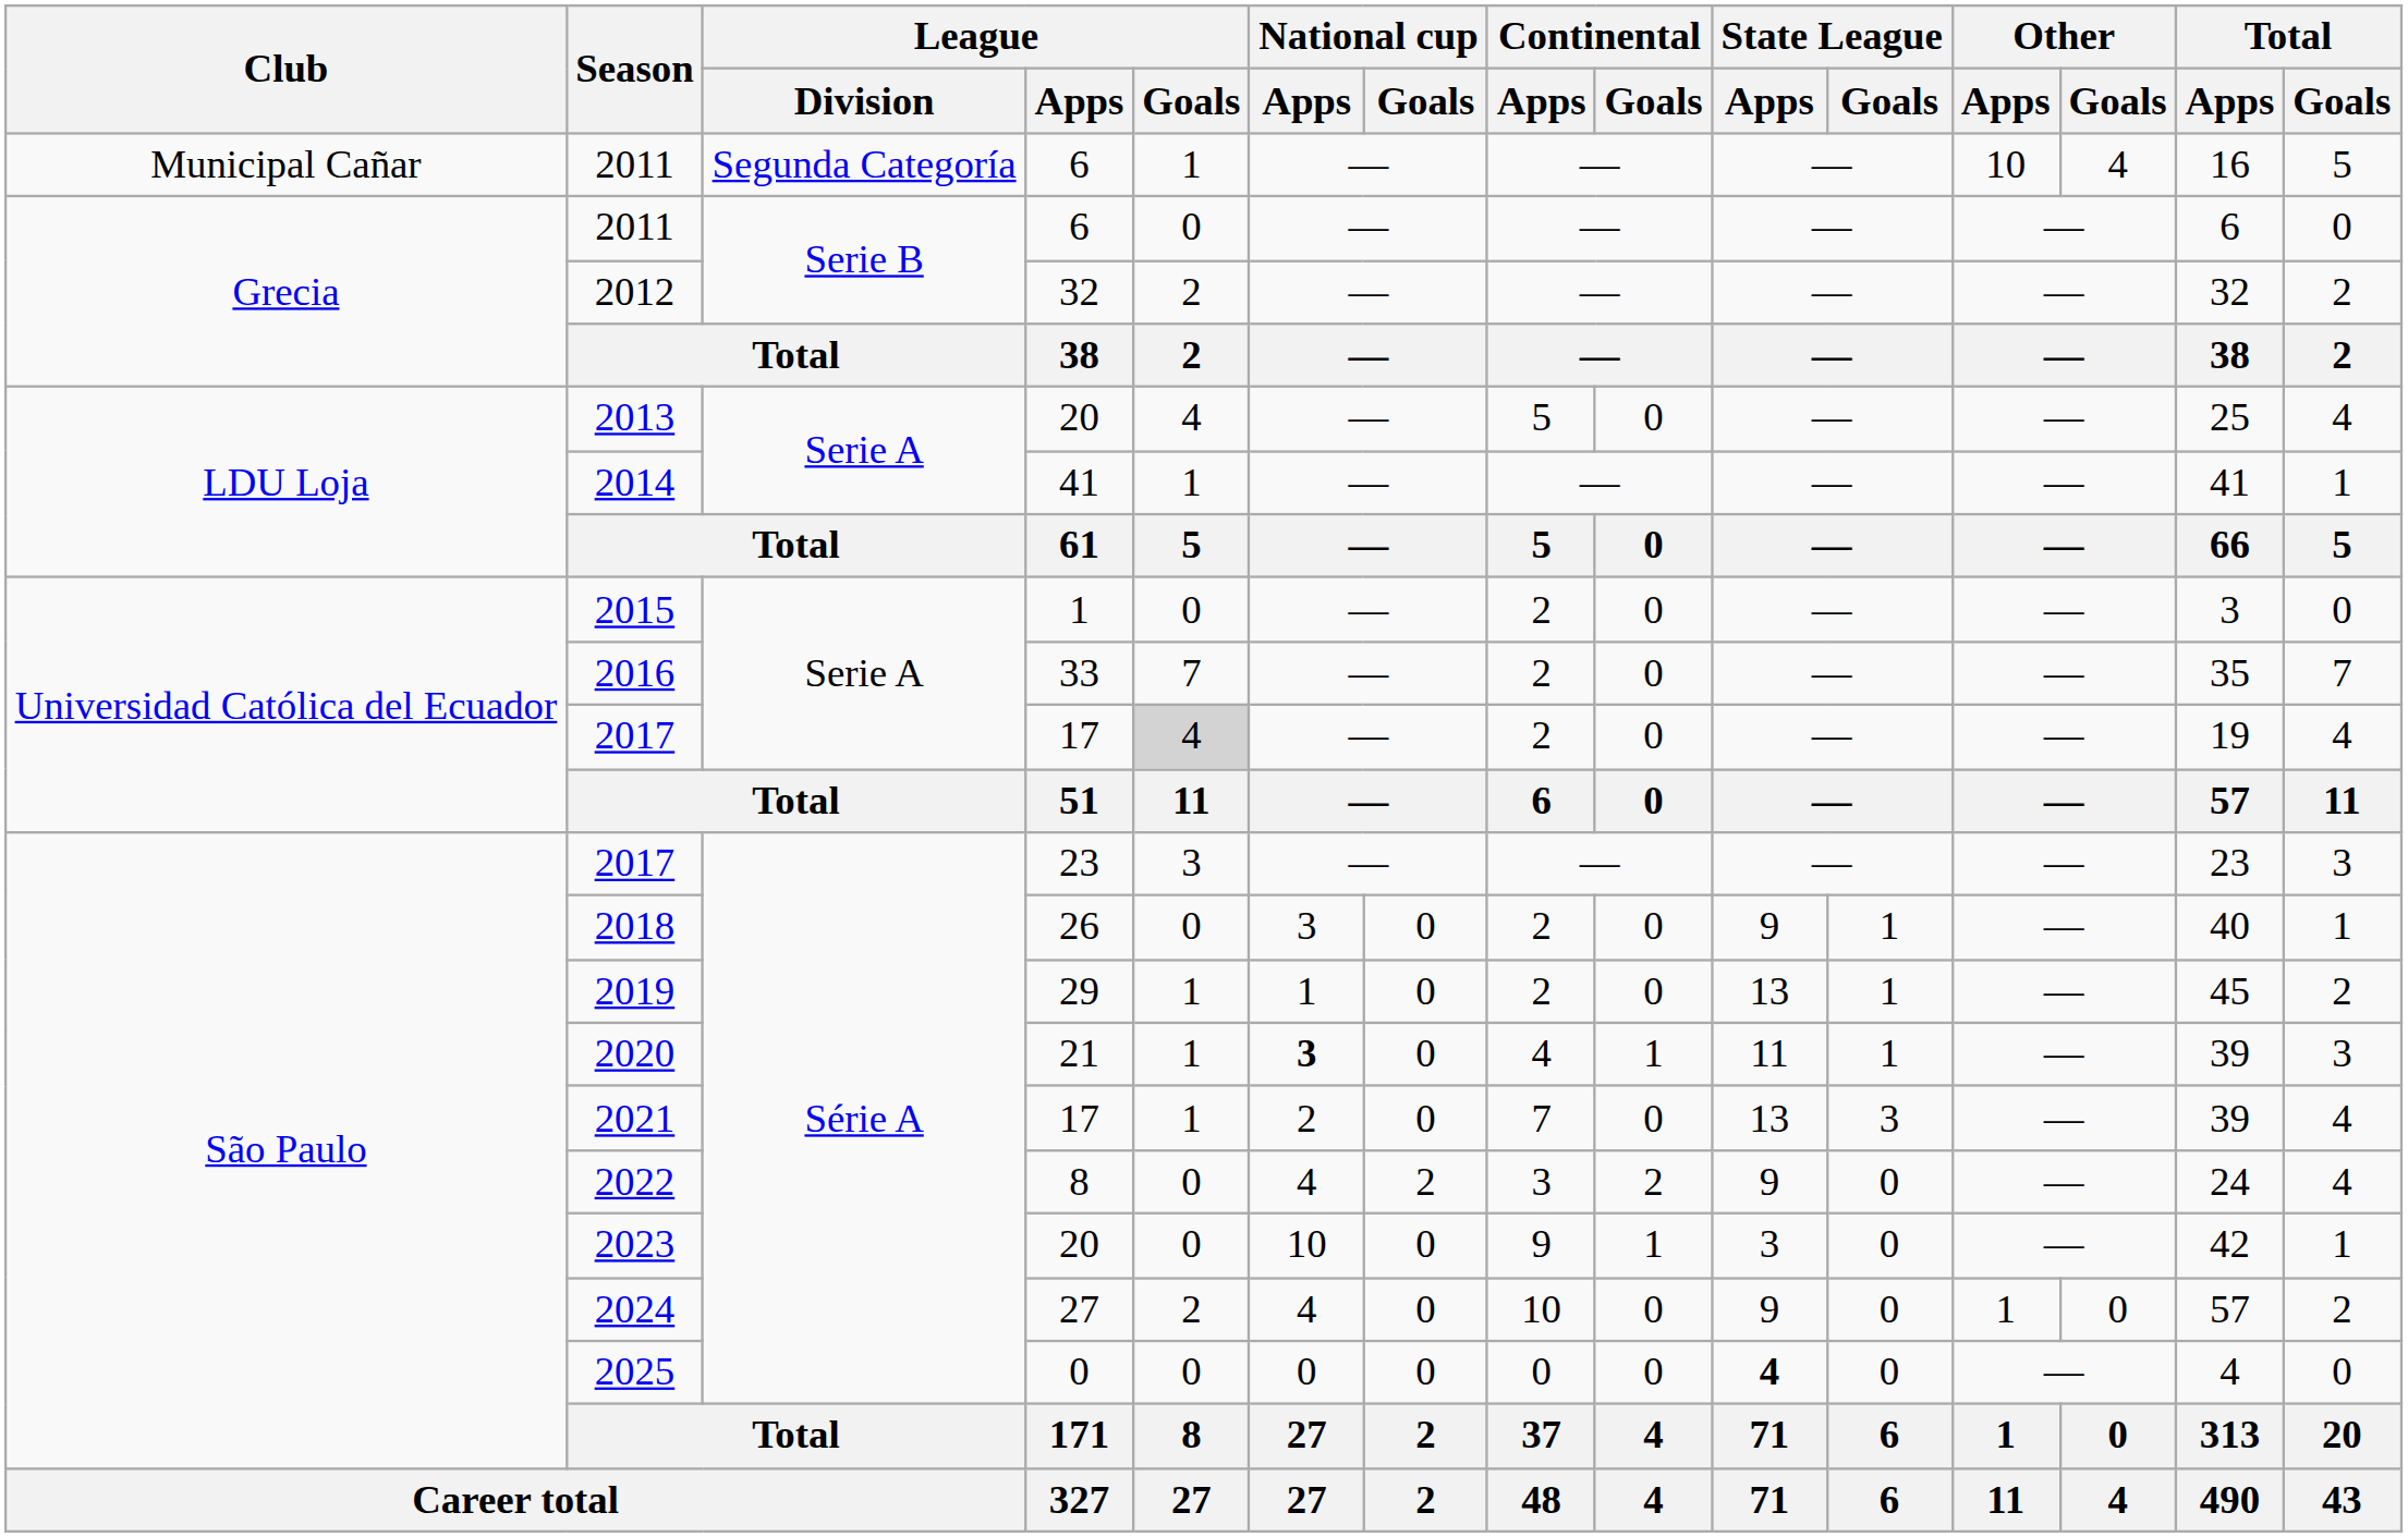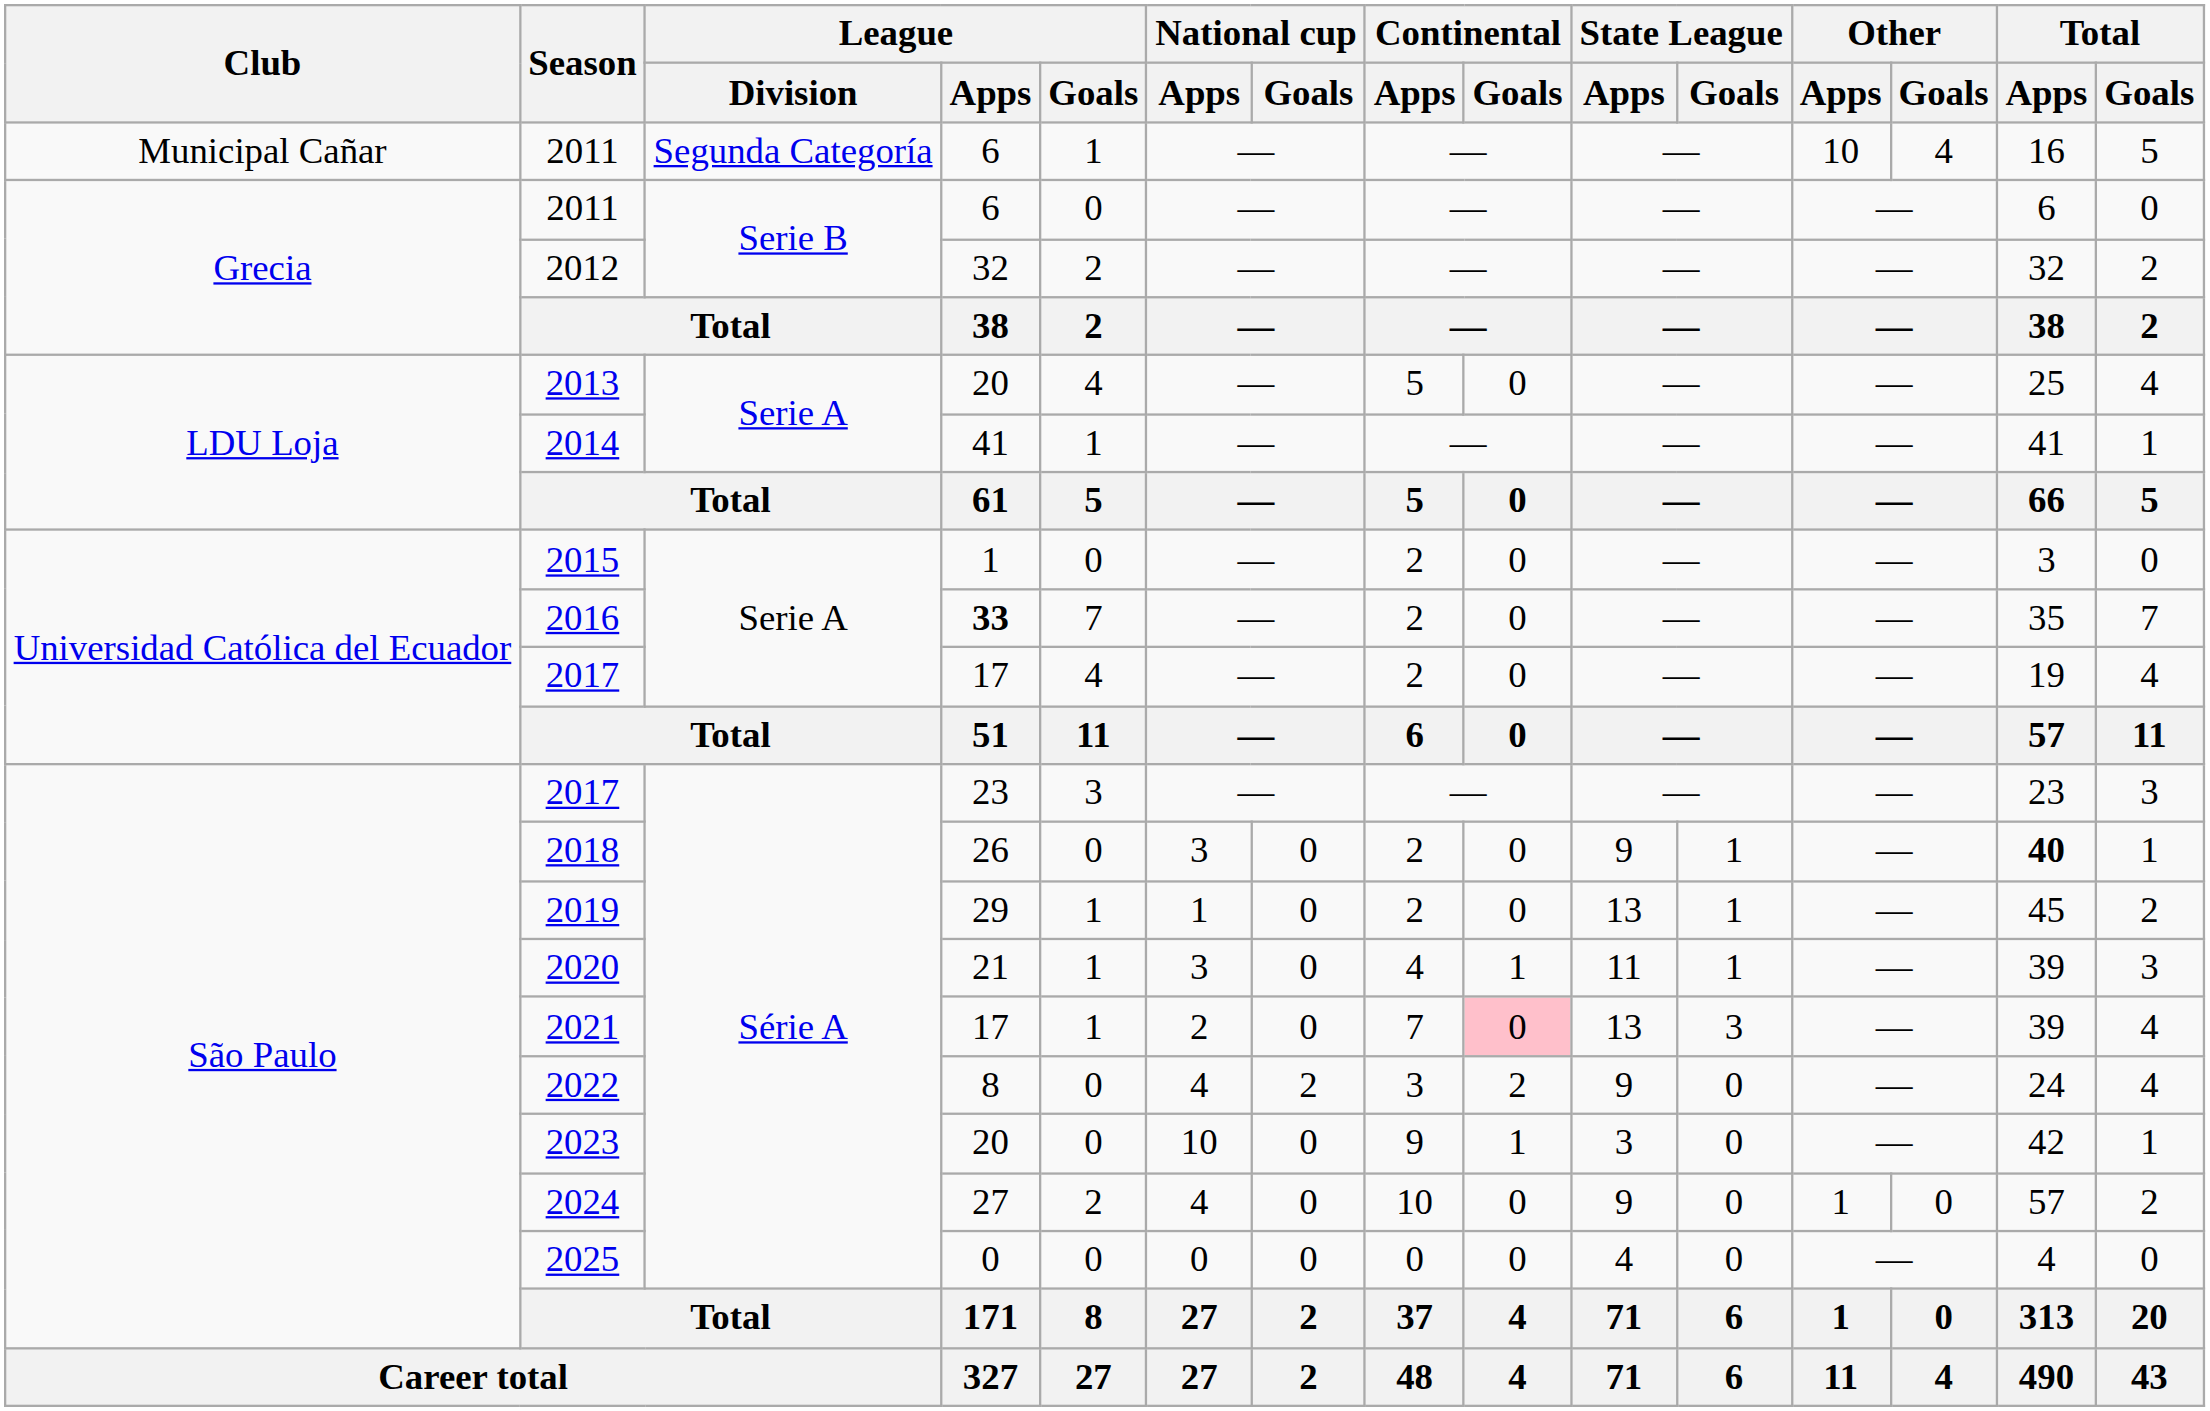 <table class="wikitable" style="text-align:center">
 <tr>
 <th rowspan="2">Club</th>
 <th rowspan="2">Season</th>
 <th colspan="3">League</th>
 <th colspan="2">National cup</th>
 <th colspan="2">Continental</th>
 <th colspan="2">State League</th>
 <th colspan="2">Other</th>
 <th colspan="2">Total</th>
 </tr>
 <tr>
 <th>Division</th>
 <th>Apps</th>
 <th>Goals</th>
 <th>Apps</th>
 <th>Goals</th>
 <th>Apps</th>
 <th>Goals</th>
 <th>Apps</th>
 <th>Goals</th>
 <th>Apps</th>
 <th>Goals</th>
 <th>Apps</th>
 <th>Goals</th>
 </tr>
 <tr>
 <td>Municipal Cañar</td>
 <td>2011</td>
 <td><a href='#'>Segunda Categoría</a></td>
 <td>6</td>
 <td>1</td>
 <td colspan="2">—</td>
 <td colspan="2">—</td>
 <td colspan="2">—</td>
 <td>10</td>
 <td>4</td>
 <td>16</td>
 <td>5</td>
 </tr>
 <tr>
 <td rowspan="3"><a href='#'>Grecia</a></td>
 <td>2011</td>
 <td rowspan="2"><a href='#'>Serie B</a></td>
 <td>6</td>
 <td>0</td>
 <td colspan="2">—</td>
 <td colspan="2">—</td>
 <td colspan="2">—</td>
 <td colspan="2">—</td>
 <td>6</td>
 <td>0</td>
 </tr>
 <tr>
 <td>2012</td>
 <td>32</td>
 <td>2</td>
 <td colspan="2">—</td>
 <td colspan="2">—</td>
 <td colspan="2">—</td>
 <td colspan="2">—</td>
 <td>32</td>
 <td>2</td>
 </tr>
 <tr>
 <th colspan="2">Total</th>
 <th>38</th>
 <th>2</th>
 <th colspan="2">—</th>
 <th colspan="2">—</th>
 <th colspan="2">—</th>
 <th colspan="2">—</th>
 <th>38</th>
 <th>2</th>
 </tr>
 <tr>
 <td rowspan="3"><a href='#'>LDU Loja</a></td>
 <td><a href='#'>2013</a></td>
 <td rowspan="2"><a href='#'>Serie A</a></td>
 <td>20</td>
 <td>4</td>
 <td colspan="2">—</td>
 <td>5</td>
 <td>0</td>
 <td colspan="2">—</td>
 <td colspan="2">—</td>
 <td>25</td>
 <td>4</td>
 </tr>
 <tr>
 <td><a href='#'>2014</a></td>
 <td>41</td>
 <td>1</td>
 <td colspan="2">—</td>
 <td colspan="2">—</td>
 <td colspan="2">—</td>
 <td colspan="2">—</td>
 <td>41</td>
 <td>1</td>
 </tr>
 <tr>
 <th colspan="2">Total</th>
 <th>61</th>
 <th>5</th>
 <th colspan="2">—</th>
 <th>5</th>
 <th>0</th>
 <th colspan="2">—</th>
 <th colspan="2">—</th>
 <th>66</th>
 <th>5</th>
 </tr>
 <tr>
 <td rowspan="4"><a href='#'>Universidad Católica del Ecuador</a></td>
 <td><a href='#'>2015</a></td>
 <td rowspan="3">Serie A</td>
 <td>1</td>
 <td>0</td>
 <td colspan="2">—</td>
 <td>2</td>
 <td>0</td>
 <td colspan="2">—</td>
 <td colspan="2">—</td>
 <td>3</td>
 <td>0</td>
 </tr>
 <tr>
 <td><a href='#'>2016</a></td>
-<td>33</td>
+<td><strong>33</strong></td>
 <td>7</td>
 <td colspan="2">—</td>
 <td>2</td>
 <td>0</td>
 <td colspan="2">—</td>
 <td colspan="2">—</td>
 <td>35</td>
 <td>7</td>
 </tr>
 <tr>
 <td><a href='#'>2017</a></td>
 <td>17</td>
-<td style="background: lightgrey;">4</td>
+<td>4</td>
 <td colspan="2">—</td>
 <td>2</td>
 <td>0</td>
 <td colspan="2">—</td>
 <td colspan="2">—</td>
 <td>19</td>
 <td>4</td>
 </tr>
 <tr>
 <th colspan="2">Total</th>
 <th>51</th>
 <th>11</th>
 <th colspan="2">—</th>
 <th>6</th>
 <th>0</th>
 <th colspan="2">—</th>
 <th colspan="2">—</th>
 <th>57</th>
 <th>11</th>
 </tr>
 <tr>
 <td rowspan="10"><a href='#'>São Paulo</a></td>
 <td><a href='#'>2017</a></td>
 <td rowspan="9"><a href='#'>Série A</a></td>
 <td>23</td>
 <td>3</td>
 <td colspan="2">—</td>
 <td colspan="2">—</td>
 <td colspan="2">—</td>
 <td colspan="2">—</td>
 <td>23</td>
 <td>3</td>
 </tr>
 <tr>
 <td><a href='#'>2018</a></td>
 <td>26</td>
 <td>0</td>
 <td>3</td>
 <td>0</td>
 <td>2</td>
 <td>0</td>
 <td>9</td>
 <td>1</td>
 <td colspan="2">—</td>
-<td>40</td>
+<td><strong>40</strong></td>
 <td>1</td>
 </tr>
 <tr>
 <td><a href='#'>2019</a></td>
 <td>29</td>
 <td>1</td>
 <td>1</td>
 <td>0</td>
 <td>2</td>
 <td>0</td>
 <td>13</td>
 <td>1</td>
 <td colspan="2">—</td>
 <td>45</td>
 <td>2</td>
 </tr>
 <tr>
 <td><a href='#'>2020</a></td>
 <td>21</td>
 <td>1</td>
-<td><strong>3</strong></td>
+<td>3</td>
 <td>0</td>
 <td>4</td>
 <td>1</td>
 <td>11</td>
 <td>1</td>
 <td colspan="2">—</td>
 <td>39</td>
 <td>3</td>
 </tr>
 <tr>
 <td><a href='#'>2021</a></td>
 <td>17</td>
 <td>1</td>
 <td>2</td>
 <td>0</td>
 <td>7</td>
-<td>0</td>
+<td style="background: pink;">0</td>
 <td>13</td>
 <td>3</td>
 <td colspan="2">—</td>
 <td>39</td>
 <td>4</td>
 </tr>
 <tr>
 <td><a href='#'>2022</a></td>
 <td>8</td>
 <td>0</td>
 <td>4</td>
 <td>2</td>
 <td>3</td>
 <td>2</td>
 <td>9</td>
 <td>0</td>
 <td colspan="2">—</td>
 <td>24</td>
 <td>4</td>
 </tr>
 <tr>
 <td><a href='#'>2023</a></td>
 <td>20</td>
 <td>0</td>
 <td>10</td>
 <td>0</td>
 <td>9</td>
 <td>1</td>
 <td>3</td>
 <td>0</td>
 <td colspan="2">—</td>
 <td>42</td>
 <td>1</td>
 </tr>
 <tr>
 <td><a href='#'>2024</a></td>
 <td>27</td>
 <td>2</td>
 <td>4</td>
 <td>0</td>
 <td>10</td>
 <td>0</td>
 <td>9</td>
 <td>0</td>
 <td>1</td>
 <td>0</td>
 <td>57</td>
 <td>2</td>
 </tr>
 <tr>
 <td><a href='#'>2025</a></td>
 <td>0</td>
 <td>0</td>
 <td>0</td>
 <td>0</td>
 <td>0</td>
 <td>0</td>
-<td><strong>4</strong></td>
+<td>4</td>
 <td>0</td>
 <td colspan="2">—</td>
 <td>4</td>
 <td>0</td>
 </tr>
 <tr>
 <th colspan="2">Total</th>
 <th>171</th>
 <th>8</th>
 <th>27</th>
 <th>2</th>
 <th>37</th>
 <th>4</th>
 <th>71</th>
 <th>6</th>
 <th>1</th>
 <th>0</th>
 <th>313</th>
 <th>20</th>
 </tr>
 <tr>
 <th colspan="3">Career total</th>
 <th>327</th>
 <th>27</th>
 <th>27</th>
 <th>2</th>
 <th>48</th>
 <th>4</th>
 <th>71</th>
 <th>6</th>
 <th>11</th>
 <th>4</th>
 <th>490</th>
 <th>43</th>
 </tr>
 </table>
